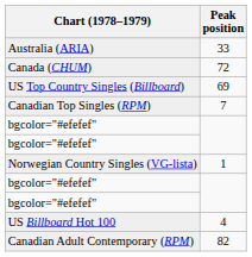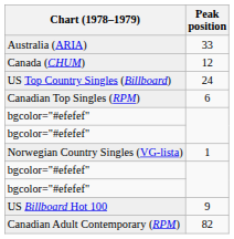 <table class="wikitable sortable plainrowheaders">
 <tr>
 <th>Chart (1978–1979)</th>
 <th>Peak<br>position</th>
 </tr>
 <tr>
 <td bgcolor="#efefef">Australia (<a href='#'>ARIA</a>)</td>
 <td align="center">33</td>
 </tr>
 <tr>
 <td bgcolor="#efefef">Canada (<a href='#'><em>CHUM</em></a>)</td>
-<td align="center">72</td>
+<td align="center">12</td>
 </tr>
 <tr>
 <td bgcolor="#efefef">US <a href='#'>Top Country Singles</a> (<a href='#'><em>Billboard</em></a>)</td>
-<td align="center">69</td>
+<td align="center">24</td>
 </tr>
 <tr>
 <td bgcolor="#efefef">Canadian Top Singles (<a href='#'><em>RPM</em></a>)</td>
-<td align="center">7</td>
+<td align="center">6</td>
 </tr>
 <tr>
 <td>bgcolor="#efefef" </td>
 </tr>
 <tr>
 <td>bgcolor="#efefef" </td>
 </tr>
 <tr>
 <td bgcolor="#efefef">Norwegian Country Singles (<a href='#'>VG-lista</a>)</td>
 <td align="center">1</td>
 </tr>
 <tr>
 <td>bgcolor="#efefef" </td>
 </tr>
 <tr>
 <td>bgcolor="#efefef" </td>
 </tr>
 <tr>
 <td bgcolor="#efefef">US <a href='#'><em>Billboard</em> Hot 100</a></td>
-<td align="center">4</td>
+<td align="center">9</td>
 </tr>
 <tr>
 <td bgcolor="#efefef">Canadian Adult Contemporary (<a href='#'><em>RPM</em></a>)</td>
 <td align="center">82</td>
 </tr>
 </table>
